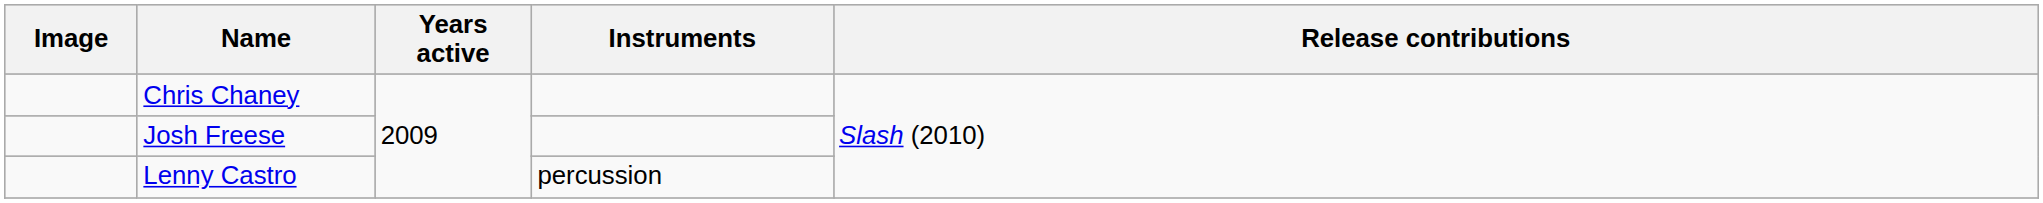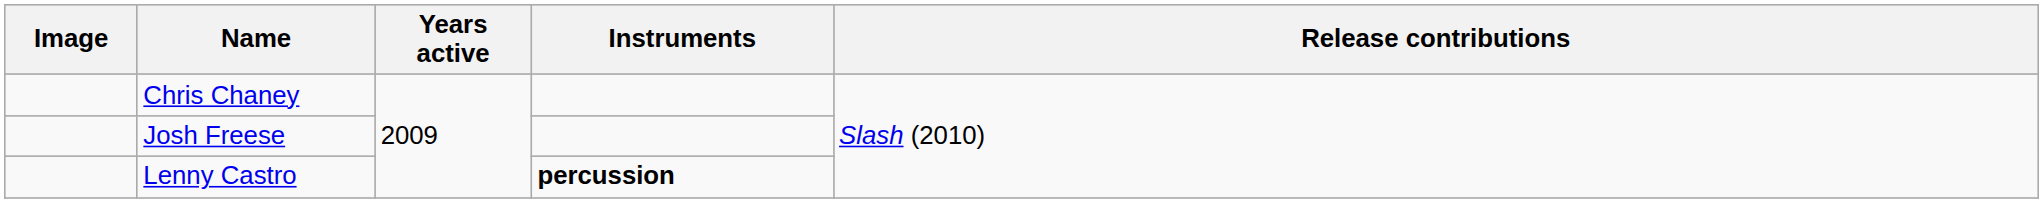 <table class="wikitable" border="1" width=100%>
 <tr>
 <th width="75">Image</th>
 <th width="140">Name</th>
 <th width="90">Years active</th>
 <th width="180">Instruments</th>
 <th>Release contributions</th>
 </tr>
 <tr>
 <td></td>
 <td><a href='#'>Chris Chaney</a></td>
 <td rowspan="3">2009</td>
 <td></td>
 <td rowspan="3"><em><a href='#'>Slash</a></em> (2010)</td>
 </tr>
 <tr>
 <td></td>
 <td><a href='#'>Josh Freese</a></td>
 <td></td>
 </tr>
 <tr>
 <td></td>
 <td><a href='#'>Lenny Castro</a></td>
-<td>percussion</td>
+<td><strong>percussion</strong></td>
 </tr>
 </table>
